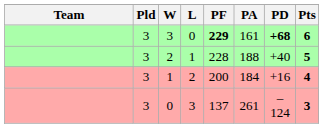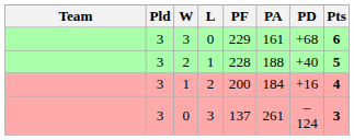 <table class=wikitable>
 <tr align=center>
 </tr>
 <tr>
 <th width=150>Team</th>
 <th width=20>Pld</th>
 <th width=20>W</th>
 <th width=20>L</th>
 <th width=30>PF</th>
 <th width=30>PA</th>
 <th width=30>PD</th>
 <th width=20>Pts</th>
 </tr>
 <tr align=center bgcolor=#aaffaa>
 <td align=left></td>
 <td>3</td>
 <td>3</td>
 <td>0</td>
-<td><strong>229</strong></td>
+<td>229</td>
 <td>161</td>
-<td><strong>+68</strong></td>
+<td>+68</td>
 <td><strong>6</strong></td>
 </tr>
 <tr align=center bgcolor=#aaffaa>
 <td align=left></td>
 <td>3</td>
 <td>2</td>
 <td>1</td>
 <td>228</td>
 <td>188</td>
 <td>+40</td>
 <td><strong>5</strong></td>
 </tr>
 <tr align=center bgcolor=#ffaaaa>
 <td align=left></td>
 <td>3</td>
 <td>1</td>
 <td>2</td>
 <td>200</td>
 <td>184</td>
 <td>+16</td>
 <td><strong>4</strong></td>
 </tr>
 <tr align=center bgcolor=#ffaaaa>
 <td align=left></td>
 <td>3</td>
 <td>0</td>
 <td>3</td>
 <td>137</td>
 <td>261</td>
 <td>–124</td>
 <td><strong>3</strong></td>
 </tr>
 </table>
